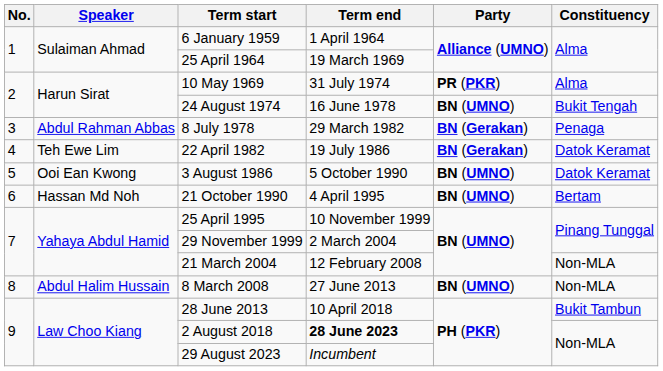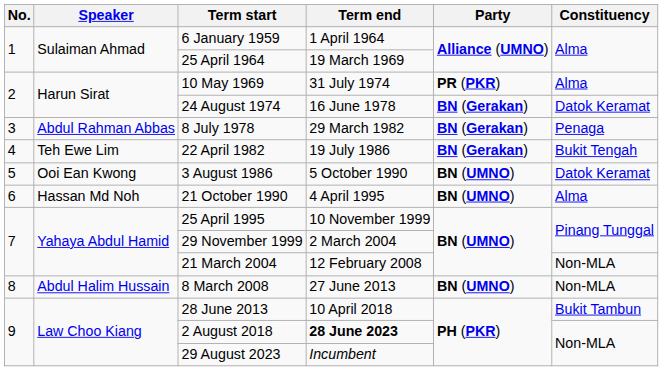 <table class=wikitable>
 <tr>
 <th>No.</th>
 <th><a href='#'>Speaker</a></th>
 <th>Term start</th>
 <th>Term end</th>
 <th>Party</th>
 <th>Constituency</th>
 </tr>
 <tr>
 <td rowspan=2>1</td>
 <td rowspan=2>Sulaiman Ahmad</td>
 <td>6 January 1959</td>
 <td>1 April 1964</td>
 <td rowspan=2><strong><a href='#'>Alliance</a></strong> (<strong><a href='#'>UMNO</a></strong>)</td>
 <td rowspan=2><a href='#'>Alma</a></td>
 </tr>
 <tr>
 <td>25 April 1964</td>
 <td>19 March 1969</td>
 </tr>
 <tr>
 <td rowspan=2>2</td>
 <td rowspan=2>Harun Sirat</td>
 <td>10 May 1969</td>
 <td>31 July 1974</td>
 <td><strong>PR</strong> (<strong><a href='#'>PKR</a></strong>)</td>
 <td><a href='#'>Alma</a></td>
 </tr>
 <tr>
 <td>24 August 1974</td>
 <td>16 June 1978</td>
-<td><strong>BN</strong> (<strong><a href='#'>UMNO</a></strong>)</td>
-<td><a href='#'>Bukit Tengah</a></td>
+<td><strong><a href='#'>BN</a></strong> (<strong><a href='#'>Gerakan</a></strong>)</td>
+<td><a href='#'>Datok Keramat</a></td>
 </tr>
 <tr>
 <td>3</td>
 <td><a href='#'>Abdul Rahman Abbas</a></td>
 <td>8 July 1978</td>
 <td>29 March 1982</td>
 <td><strong><a href='#'>BN</a></strong> (<strong><a href='#'>Gerakan</a></strong>)</td>
 <td><a href='#'>Penaga</a></td>
 </tr>
 <tr>
 <td>4</td>
 <td>Teh Ewe Lim</td>
 <td>22 April 1982</td>
 <td>19 July 1986</td>
 <td><strong><a href='#'>BN</a></strong> (<strong><a href='#'>Gerakan</a></strong>)</td>
-<td><a href='#'>Datok Keramat</a></td>
+<td><a href='#'>Bukit Tengah</a></td>
 </tr>
 <tr>
 <td>5</td>
 <td>Ooi Ean Kwong</td>
 <td>3 August 1986</td>
 <td>5 October 1990</td>
 <td><strong>BN</strong> (<strong><a href='#'>UMNO</a></strong>)</td>
 <td><a href='#'>Datok Keramat</a></td>
 </tr>
 <tr>
 <td>6</td>
 <td>Hassan Md Noh</td>
 <td>21 October 1990</td>
 <td>4 April 1995</td>
 <td><strong>BN</strong> (<strong><a href='#'>UMNO</a></strong>)</td>
-<td><a href='#'>Bertam</a></td>
+<td><a href='#'>Alma</a></td>
 </tr>
 <tr>
 <td rowspan=3>7</td>
 <td rowspan=3><a href='#'>Yahaya Abdul Hamid</a></td>
 <td>25 April 1995</td>
 <td>10 November 1999</td>
 <td rowspan=3><strong>BN</strong> (<strong><a href='#'>UMNO</a></strong>)</td>
 <td rowspan=2><a href='#'>Pinang Tunggal</a></td>
 </tr>
 <tr>
 <td>29 November 1999</td>
 <td>2 March 2004</td>
 </tr>
 <tr>
 <td>21 March 2004</td>
 <td>12 February 2008</td>
 <td>Non-MLA</td>
 </tr>
 <tr>
 <td>8</td>
 <td><a href='#'>Abdul Halim Hussain</a></td>
 <td>8 March 2008</td>
 <td>27 June 2013</td>
 <td><strong>BN</strong> (<strong><a href='#'>UMNO</a></strong>)</td>
 <td>Non-MLA</td>
 </tr>
 <tr>
 <td rowspan="3">9</td>
 <td rowspan="3"><a href='#'>Law Choo Kiang</a></td>
 <td>28 June 2013</td>
 <td>10 April 2018</td>
 <td rowspan="3"><strong>PH</strong> (<strong><a href='#'>PKR</a></strong>)</td>
 <td><a href='#'>Bukit Tambun</a></td>
 </tr>
 <tr>
 <td>2 August 2018</td>
 <td><strong>28 June 2023</strong></td>
 <td rowspan="2">Non-MLA</td>
 </tr>
 <tr>
 <td>29 August 2023</td>
 <td><em>Incumbent</em></td>
 </tr>
 </table>
